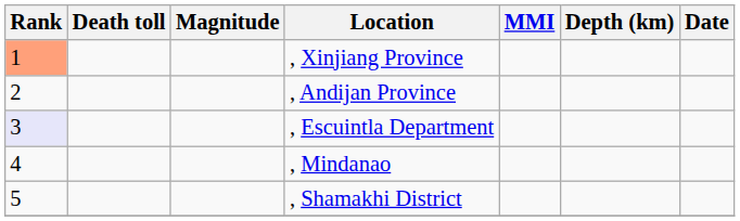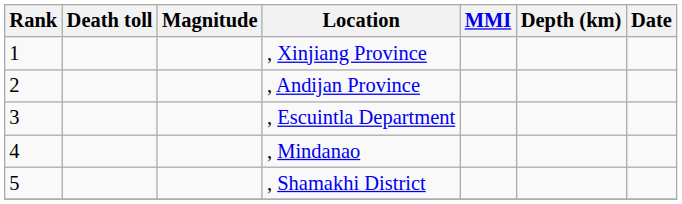 <table class="sortable wikitable" style="font-size:100%;">
 <tr>
 <th>Rank</th>
 <th>Death toll</th>
 <th>Magnitude</th>
 <th>Location</th>
 <th><a href='#'>MMI</a></th>
 <th>Depth (km)</th>
 <th>Date</th>
 </tr>
 <tr>
-<td style="background: lightsalmon;">1</td>
+<td>1</td>
 <td></td>
 <td></td>
 <td>, <a href='#'>Xinjiang Province</a></td>
 <td></td>
 <td></td>
 <td></td>
 </tr>
 <tr>
 <td>2</td>
 <td></td>
 <td></td>
 <td>, <a href='#'>Andijan Province</a></td>
 <td></td>
 <td></td>
 <td></td>
 </tr>
 <tr>
-<td style="background: lavender;">3</td>
+<td>3</td>
 <td></td>
 <td></td>
 <td>, <a href='#'>Escuintla Department</a></td>
 <td></td>
 <td></td>
 <td></td>
 </tr>
 <tr>
 <td>4</td>
 <td></td>
 <td></td>
 <td>, <a href='#'>Mindanao</a></td>
 <td></td>
 <td></td>
 <td></td>
 </tr>
 <tr>
 <td>5</td>
 <td></td>
 <td></td>
 <td>, <a href='#'>Shamakhi District</a></td>
 <td></td>
 <td></td>
 <td></td>
 </tr>
 <tr>
 </tr>
 </table>
